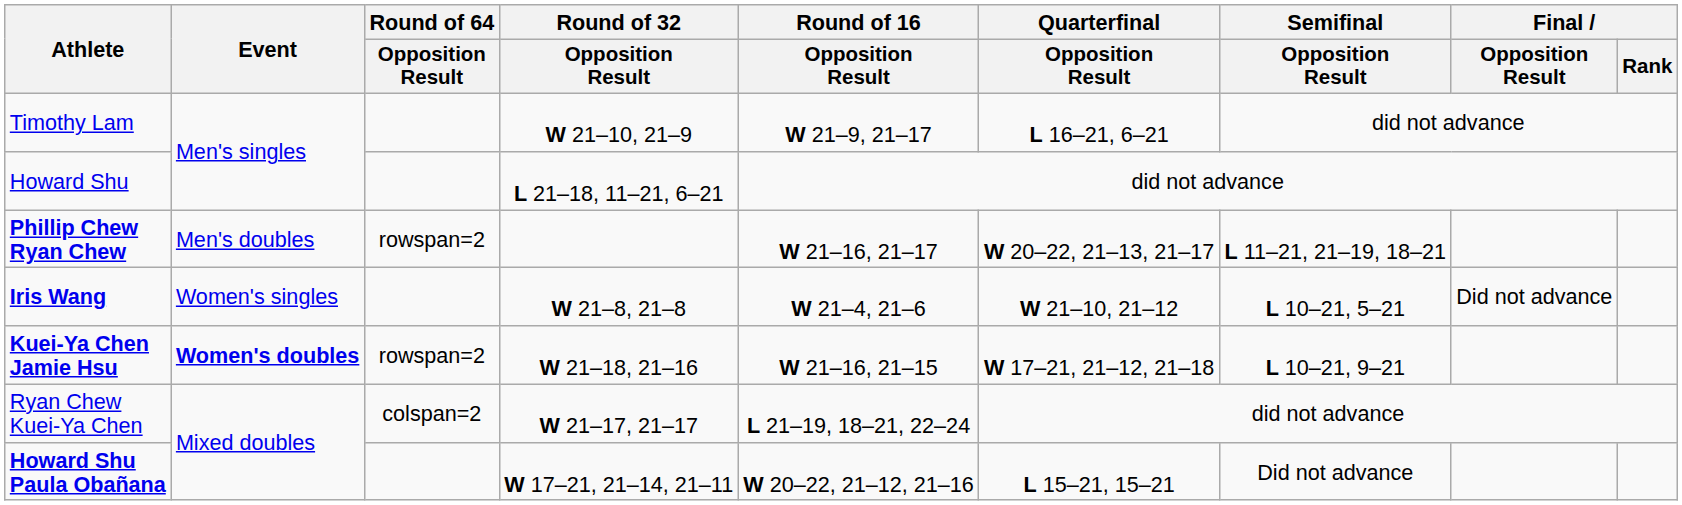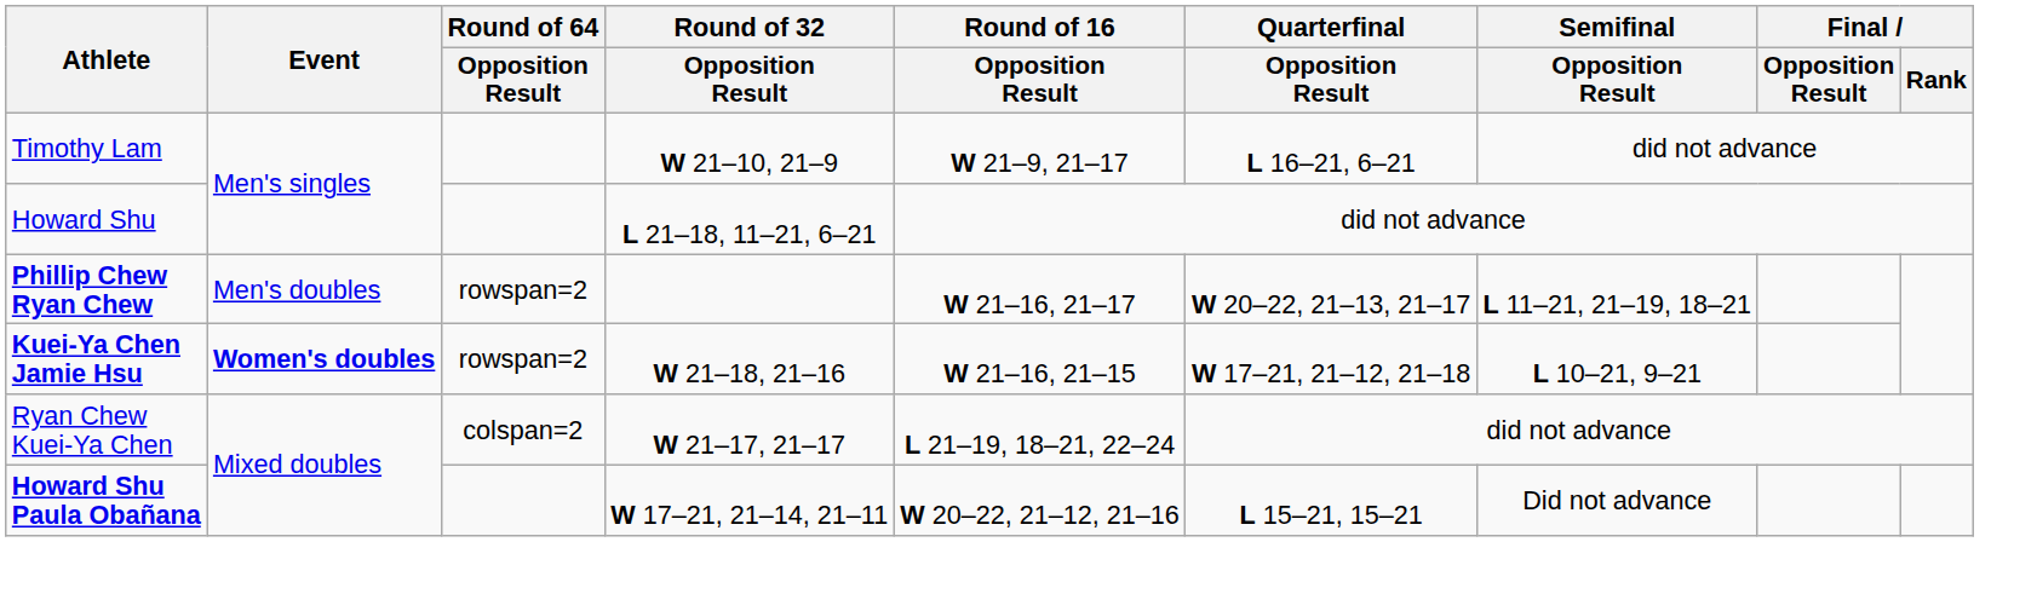 <table class=wikitable style=font-size:90%;text-align:center>
 <tr>
 <th rowspan=2>Athlete</th>
 <th rowspan=2>Event</th>
 <th>Round of 64</th>
 <th>Round of 32</th>
 <th>Round of 16</th>
 <th>Quarterfinal</th>
 <th>Semifinal</th>
 <th colspan=2>Final / </th>
 </tr>
 <tr style=font-size:95%>
 <th>Opposition<br>Result</th>
 <th>Opposition<br>Result</th>
 <th>Opposition<br>Result</th>
 <th>Opposition<br>Result</th>
 <th>Opposition<br>Result</th>
 <th>Opposition<br>Result</th>
 <th>Rank</th>
 </tr>
 <tr>
 <td align=left><a href='#'>Timothy Lam</a></td>
 <td align=left rowspan=2><a href='#'>Men's singles</a></td>
 <td></td>
 <td><br><strong>W</strong> 21–10, 21–9</td>
 <td><br><strong>W</strong> 21–9, 21–17</td>
 <td><br><strong>L</strong> 16–21, 6–21</td>
 <td colspan=3>did not advance</td>
 </tr>
 <tr>
 <td align=left><a href='#'>Howard Shu</a></td>
 <td></td>
 <td><br><strong>L</strong> 21–18, 11–21, 6–21</td>
 <td colspan=5>did not advance</td>
 </tr>
 <tr>
 <td align=left><strong><a href='#'>Phillip Chew</a><br><a href='#'>Ryan Chew</a></strong></td>
 <td align=left><a href='#'>Men's doubles</a></td>
 <td>rowspan=2 </td>
 <td></td>
 <td><br><strong>W</strong> 21–16, 21–17</td>
 <td><br><strong>W</strong> 20–22, 21–13, 21–17</td>
 <td><br><strong>L</strong> 11–21, 21–19, 18–21</td>
 <td></td>
 </tr>
 <tr>
-<td align=left><strong><a href='#'>Iris Wang</a></strong></td>
-<td align=left><a href='#'>Women's singles</a></td>
-<td></td>
-<td><br><strong>W</strong> 21–8, 21–8</td>
-<td><br><strong>W</strong> 21–4, 21–6</td>
-<td><br><strong>W</strong> 21–10, 21–12</td>
-<td><br><strong>L</strong> 10–21, 5–21</td>
-<td>Did not advance</td>
-<td></td>
-</tr>
-<tr>
 <td align=left><strong><a href='#'>Kuei-Ya Chen</a><br><a href='#'>Jamie Hsu</a></strong></td>
 <td align=left><strong><a href='#'>Women's doubles</a></strong></td>
 <td>rowspan=2 </td>
 <td><br><strong>W</strong> 21–18, 21–16</td>
 <td><br><strong>W</strong> 21–16, 21–15</td>
 <td><br><strong>W</strong> 17–21, 21–12, 21–18</td>
 <td><br><strong>L</strong> 10–21, 9–21</td>
 <td></td>
 </tr>
 <tr>
 <td align=left><a href='#'>Ryan Chew</a><br><a href='#'>Kuei-Ya Chen</a></td>
 <td align=left rowspan=2><a href='#'>Mixed doubles</a></td>
 <td>colspan=2 </td>
 <td><br><strong>W</strong> 21–17, 21–17</td>
 <td><br><strong>L</strong> 21–19, 18–21, 22–24</td>
 <td colspan=4>did not advance</td>
 </tr>
 <tr>
 <td align=left><strong><a href='#'>Howard Shu</a><br><a href='#'>Paula Obañana</a></strong></td>
 <td></td>
 <td><br><strong>W</strong> 17–21, 21–14, 21–11</td>
 <td><br><strong>W</strong> 20–22, 21–12, 21–16</td>
 <td><br><strong>L</strong> 15–21, 15–21</td>
 <td>Did not advance</td>
 <td></td>
 </tr>
 </table>
